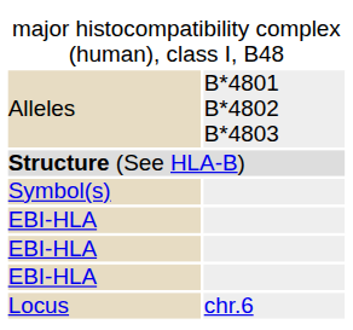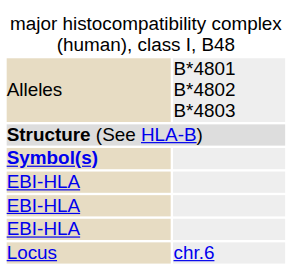 <table id="drugInfoBox" style="float: right; clear: right; margin: 0 0 0.5em 1em; background: #ffffff;" class="toccolours" border=0 cellpadding=0 align=right width="240px">
 <tr>
 <td align="center" colspan="3"></td>
 </tr>
 <tr style="text-align: center; line-height: 1.00;background:#eeeeee">
 <td colspan="3" color="white"></td>
 </tr>
 <tr>
 <td align="center" colspan="2"></td>
 </tr>
 <tr>
 <td align="center" colspan="2"><div>major histocompatibility complex (human), class I, B48</div></td>
 </tr>
 <tr>
 <td bgcolor="#e7dcc3">Alleles</td>
 <td bgcolor="#eeeeee">B*4801 <br> B*4802 <br> B*4803 <br></td>
 </tr>
 <tr>
 <td colspan="2" bgcolor="#dddddd"><strong>Structure</strong> (See <a href='#'>HLA-B</a>)</td>
 </tr>
 <tr>
-<td bgcolor="#e7dcc3"><a href='#'>Symbol(s)</a></td>
+<td bgcolor="#e7dcc3"><strong><a href='#'>Symbol(s)</a></strong></td>
 <td bgcolor="#eeeeee"></td>
 </tr>
 <tr>
 <td bgcolor="#e7dcc3"><a href='#'>EBI-HLA</a></td>
 <td bgcolor="#eeeeee"></td>
 </tr>
 <tr>
 <td bgcolor="#e7dcc3"><a href='#'>EBI-HLA</a></td>
 <td bgcolor="#eeeeee"></td>
 </tr>
 <tr>
 <td bgcolor="#e7dcc3"><a href='#'>EBI-HLA</a></td>
 <td bgcolor="#eeeeee"></td>
 </tr>
 <tr>
 <td bgcolor="#e7dcc3"><a href='#'>Locus</a></td>
 <td bgcolor="#eeeeee"><a href='#'>chr.6</a> <em></em></td>
 </tr>
 <tr>
 </tr>
 </table>
